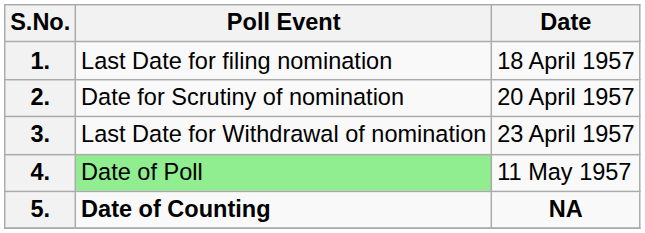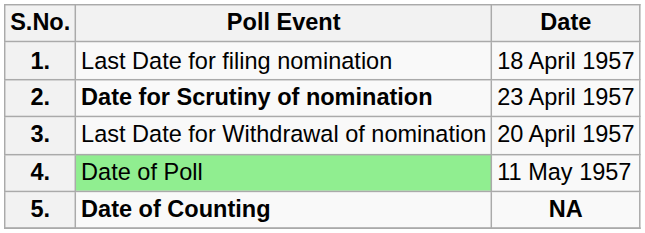 <table class="wikitable sortable">
 <tr>
 <th>S.No.</th>
 <th>Poll Event</th>
 <th>Date</th>
 </tr>
 <tr>
 <th>1.</th>
 <td>Last Date for filing nomination</td>
 <td>18 April 1957</td>
 </tr>
 <tr>
 <th>2.</th>
-<td>Date for Scrutiny of nomination</td>
-<td>20 April 1957</td>
+<td><strong>Date for Scrutiny of nomination</strong></td>
+<td>23 April 1957</td>
 </tr>
 <tr>
 <th>3.</th>
 <td>Last Date for Withdrawal of nomination</td>
-<td>23 April 1957</td>
+<td>20 April 1957</td>
 </tr>
 <tr>
 <th>4.</th>
 <td style="background: lightgreen;">Date of Poll</td>
 <td>11 May 1957</td>
 </tr>
 <tr>
 <th>5.</th>
 <td><strong>Date of Counting</strong></td>
 <td colspan="2" style="text-align:center"><strong>NA</strong></td>
 </tr>
 <tr>
 </tr>
 </table>
